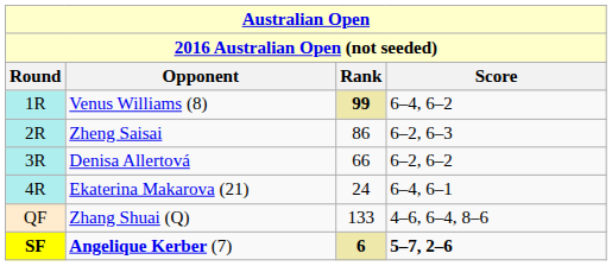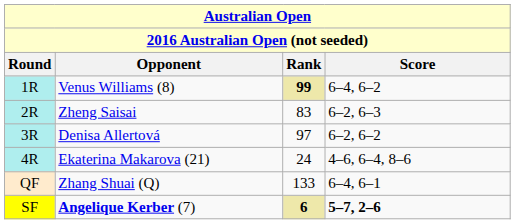 <table class=wikitable>
 <tr>
 <th colspan=4 style="background:#ffc;"><a href='#'>Australian Open</a></th>
 </tr>
 <tr>
 <th colspan=4 style="background:#ffc;"><a href='#'>2016 Australian Open</a> (not seeded)</th>
 </tr>
 <tr>
 <th width=40>Round</th>
 <th width=235>Opponent</th>
 <th width=20>Rank</th>
 <th width=190>Score</th>
 </tr>
 <tr>
 <td style="text-align:center; background:#afeeee;">1R</td>
 <td> <a href='#'>Venus Williams</a> (8)</td>
 <td style="text-align:center; background:#EEE8AA;"><strong>99</strong></td>
 <td>6–4, 6–2</td>
 </tr>
 <tr>
 <td style="text-align:center; background:#afeeee;">2R</td>
 <td> <a href='#'>Zheng Saisai</a></td>
-<td style="text-align:center">86</td>
+<td style="text-align:center">83</td>
 <td>6–2, 6–3</td>
 </tr>
 <tr>
 <td style="text-align:center; background:#afeeee;">3R</td>
 <td> <a href='#'>Denisa Allertová</a></td>
-<td style="text-align:center">66</td>
+<td style="text-align:center">97</td>
 <td>6–2, 6–2</td>
 </tr>
 <tr>
 <td style="text-align:center; background:#afeeee;">4R</td>
 <td> <a href='#'>Ekaterina Makarova</a> (21)</td>
 <td style="text-align:center">24</td>
-<td>6–4, 6–1</td>
+<td>4–6, 6–4, 8–6</td>
 </tr>
 <tr>
 <td style="text-align:center; background:#ffebcd;">QF</td>
 <td> <a href='#'>Zhang Shuai</a> (Q)</td>
 <td style="text-align:center">133</td>
-<td>4–6, 6–4, 8–6</td>
+<td>6–4, 6–1</td>
 </tr>
 <tr>
-<td style="text-align:center; background:yellow;"><strong>SF</strong></td>
+<td style="text-align:center; background:yellow;">SF</td>
 <td> <strong><a href='#'>Angelique Kerber</a></strong> (7)</td>
 <td style="text-align:center; background:#EEE8AA;"><strong>6</strong></td>
 <td><strong>5–7, 2–6</strong></td>
 </tr>
 </table>
